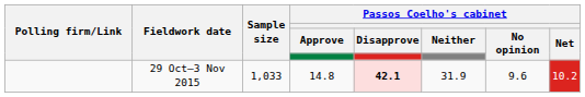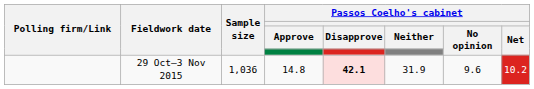 <table class="wikitable unsortable mw-datatable" style="text-align:center;font-size:95%;line-height:16px;">
 <tr>
 <th style="width:145px;" rowspan="4">Polling firm/Link</th>
 <th style="width:125px;" rowspan="4">Fieldwork date</th>
 <th class="unsortable" style="width:50px;" rowspan="4">Sample size</th>
 <th class="unsortable" colspan="5"><a href='#'>Passos Coelho's cabinet</a></th>
 </tr>
 <tr>
 <th class="unsortable" colspan="5" style="background:"></th>
 </tr>
 <tr>
 <th class="unsortable" style="width:70px;">Approve</th>
 <th class="unsortable" style="width:70px;">Disapprove</th>
 <th class="unsortable" style="width:70px;">Neither</th>
 <th rowspan="2" class="unsortable" style="width:70px;">No opinion</th>
 <th rowspan="2" class="unsortable" style="width:30px;">Net</th>
 </tr>
 <tr>
 <th style="color:inherit;background:#008142;"></th>
 <th style="color:inherit;background:#DC241F;"></th>
 <th style="color:inherit;background:gray;"></th>
 </tr>
 <tr>
 <td></td>
 <td data-sort-value="2019-10-03">29 Oct–3 Nov 2015</td>
-<td>1,033</td>
+<td>1,036</td>
 <td>14.8</td>
 <td style="background:#FDDEDE;"><strong>42.1</strong></td>
 <td>31.9</td>
 <td>9.6</td>
 <td style="background:#DC241F;color:white;">10.2</td>
 </tr>
 </table>
